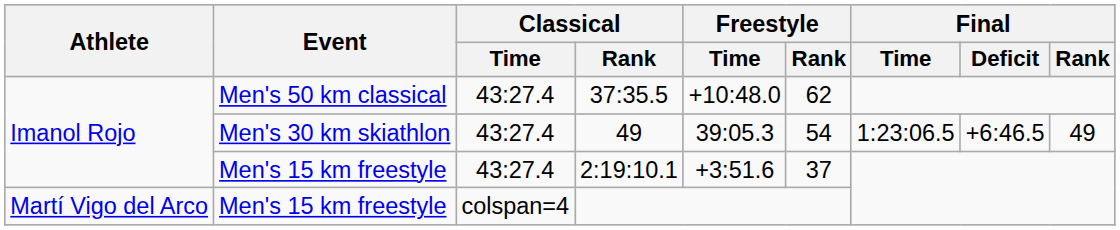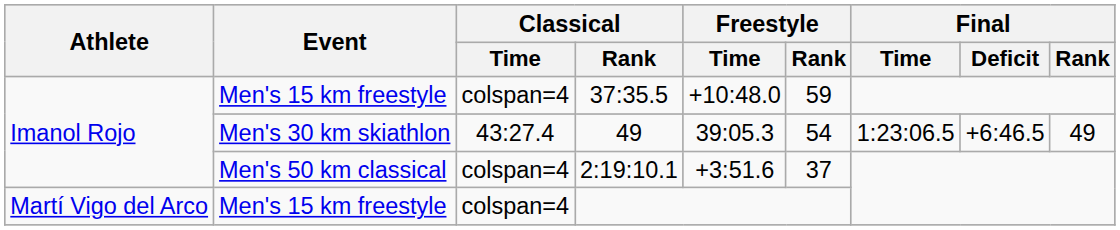 <table class="wikitable" style="font-size:90%">
 <tr>
 <th rowspan=2>Athlete</th>
 <th rowspan=2>Event</th>
 <th colspan=2>Classical</th>
 <th colspan=2>Freestyle</th>
 <th colspan=3>Final</th>
 </tr>
 <tr style="font-size: 95%">
 <th>Time</th>
 <th>Rank</th>
 <th>Time</th>
 <th>Rank</th>
 <th>Time</th>
 <th>Deficit</th>
 <th>Rank</th>
 </tr>
 <tr align=center>
 <td align=left rowspan=3><a href='#'>Imanol Rojo</a></td>
-<td align=left><a href='#'>Men's 50 km classical</a></td>
-<td>43:27.4</td>
+<td align=left><a href='#'>Men's 15 km freestyle</a></td>
+<td>colspan=4 </td>
 <td>37:35.5</td>
 <td>+10:48.0</td>
-<td>62</td>
+<td>59</td>
 </tr>
 <tr align=center>
 <td align=left><a href='#'>Men's 30 km skiathlon</a></td>
 <td>43:27.4</td>
 <td>49</td>
 <td>39:05.3</td>
 <td>54</td>
 <td>1:23:06.5</td>
 <td>+6:46.5</td>
 <td>49</td>
 </tr>
 <tr align=center>
-<td align=left><a href='#'>Men's 15 km freestyle</a></td>
-<td>43:27.4</td>
+<td align=left><a href='#'>Men's 50 km classical</a></td>
+<td>colspan=4 </td>
 <td>2:19:10.1</td>
 <td>+3:51.6</td>
 <td>37</td>
 </tr>
 <tr align=center>
 <td align=left><a href='#'>Martí Vigo del Arco</a></td>
 <td align=left><a href='#'>Men's 15 km freestyle</a></td>
 <td>colspan=4 </td>
 <td colspan=3></td>
 </tr>
 </table>
